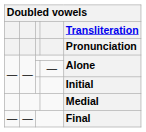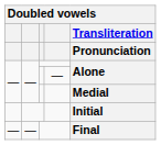 <table class="wikitable" style="text-align: center; display: inline-table;">
 <tr>
 <th colspan="5" style="text-align: left">Doubled vowels</th>
 </tr>
 <tr>
 <th></th>
 <th></th>
 <th></th>
 <th style="min-width: 1.75em"></th>
 <th style="text-align: left"><a href='#'>Transliteration</a></th>
 </tr>
 <tr>
 <th></th>
 <th></th>
 <th></th>
 <th></th>
 <th style="text-align: left">Pronunciation</th>
 </tr>
 <tr>
 <td rowspan="3">—</td>
 <td rowspan="3">—</td>
 <td colspan="2"> </td>
 <th rowspan="2" style="text-align: left">Alone</th>
 </tr>
 <tr>
 <td></td>
 <td>—</td>
 </tr>
 <tr>
 <td></td>
 <td></td>
-<th style="text-align: left">Initial</th>
+<th style="text-align: left">Medial</th>
 </tr>
 <tr>
 <td></td>
 <td colspan="2"></td>
 <td></td>
-<th style="text-align: left">Medial</th>
+<th style="text-align: left">Initial</th>
 </tr>
 <tr>
 <td>—</td>
 <td>—</td>
 <td colspan="2"></td>
 <th style="text-align: left">Final</th>
 </tr>
 </table>
